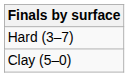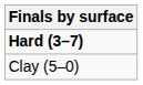 <table class=wikitable style=font-size:97%>
 <tr>
 <th>Finals by surface</th>
 </tr>
 <tr>
-<td>Hard (3–7)</td>
+<td><strong>Hard (3–7)</strong></td>
 </tr>
 <tr>
 <td>Clay (5–0)</td>
 </tr>
 </table>
